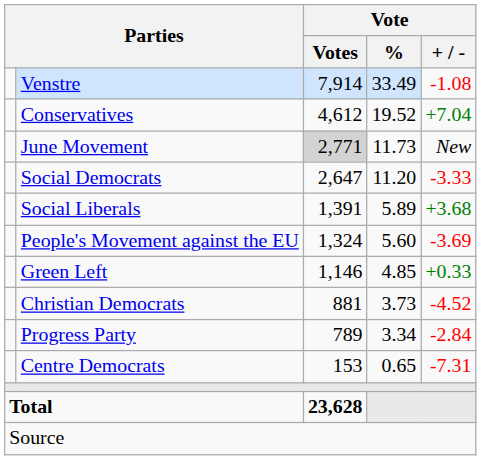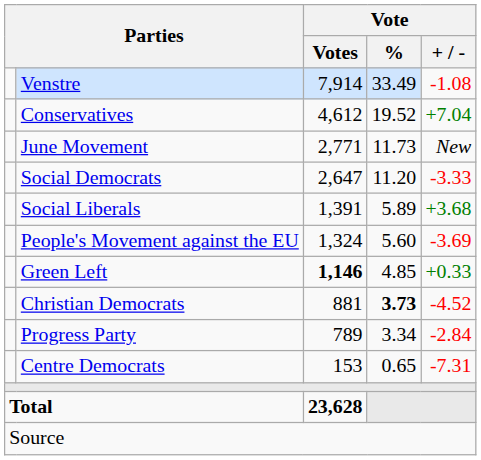 <table class="wikitable" style="text-align:right;">
 <tr>
 <th style="text-align:centre;" rowspan="2" colspan="2" width="225">Parties</th>
 <th colspan="3">Vote</th>
 </tr>
 <tr>
 <th width="15">Votes</th>
 <th width="15">%</th>
 <th width="15">+ / -</th>
 </tr>
 <tr>
 <td width="2" style="color:inherit;background:"></td>
 <td bgcolor=#cfe5fe   align="left"><a href='#'>Venstre</a></td>
 <td bgcolor=#cfe5fe>7,914</td>
 <td bgcolor=#cfe5fe>33.49</td>
 <td style=color:red;>-1.08</td>
 </tr>
 <tr>
 <td width="2" style="color:inherit;background:"></td>
 <td align="left"><a href='#'>Conservatives</a></td>
 <td>4,612</td>
 <td>19.52</td>
 <td style=color:green;>+7.04</td>
 </tr>
 <tr>
 <td width="2" style="color:inherit;background:"></td>
 <td align="left"><a href='#'>June Movement</a></td>
-<td style="background: lightgrey;">2,771</td>
+<td>2,771</td>
 <td>11.73</td>
 <td><em>New</em></td>
 </tr>
 <tr>
 <td width="2" style="color:inherit;background:"></td>
 <td align="left"><a href='#'>Social Democrats</a></td>
 <td>2,647</td>
 <td>11.20</td>
 <td style=color:red;>-3.33</td>
 </tr>
 <tr>
 <td width="2" style="color:inherit;background:"></td>
 <td align="left"><a href='#'>Social Liberals</a></td>
 <td>1,391</td>
 <td>5.89</td>
 <td style=color:green;>+3.68</td>
 </tr>
 <tr>
 <td width="2" style="color:inherit;background:"></td>
 <td align="left"><a href='#'>People's Movement against the EU</a></td>
 <td>1,324</td>
 <td>5.60</td>
 <td style=color:red;>-3.69</td>
 </tr>
 <tr>
 <td width="2" style="color:inherit;background:"></td>
 <td align="left"><a href='#'>Green Left</a></td>
-<td>1,146</td>
+<td><strong>1,146</strong></td>
 <td>4.85</td>
 <td style=color:green;>+0.33</td>
 </tr>
 <tr>
 <td width="2" style="color:inherit;background:"></td>
 <td align="left"><a href='#'>Christian Democrats</a></td>
 <td>881</td>
-<td>3.73</td>
+<td><strong>3.73</strong></td>
 <td style=color:red;>-4.52</td>
 </tr>
 <tr>
 <td width="2" style="color:inherit;background:"></td>
 <td align="left"><a href='#'>Progress Party</a></td>
 <td>789</td>
 <td>3.34</td>
 <td style=color:red;>-2.84</td>
 </tr>
 <tr>
 <td width="2" style="color:inherit;background:"></td>
 <td align="left"><a href='#'>Centre Democrats</a></td>
 <td>153</td>
 <td>0.65</td>
 <td style=color:red;>-7.31</td>
 </tr>
 <tr>
 <td colspan="7" bgcolor="#E9E9E9"></td>
 </tr>
 <tr>
 <td align="left" colspan="2"><strong>Total</strong></td>
 <td><strong>23,628</strong></td>
 <td bgcolor="#E9E9E9" colspan="2"></td>
 </tr>
 <tr>
 <td align="left" colspan="6">Source</td>
 </tr>
 </table>
